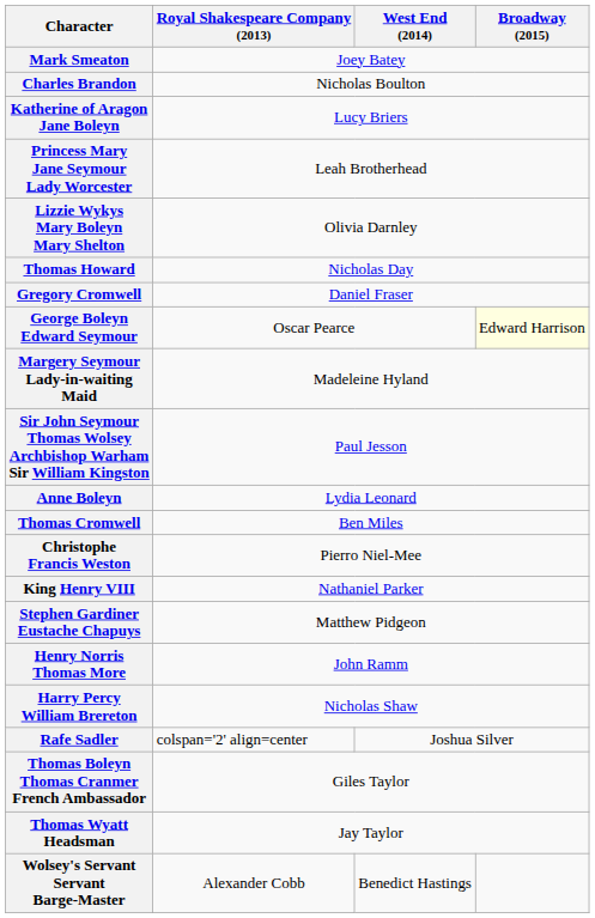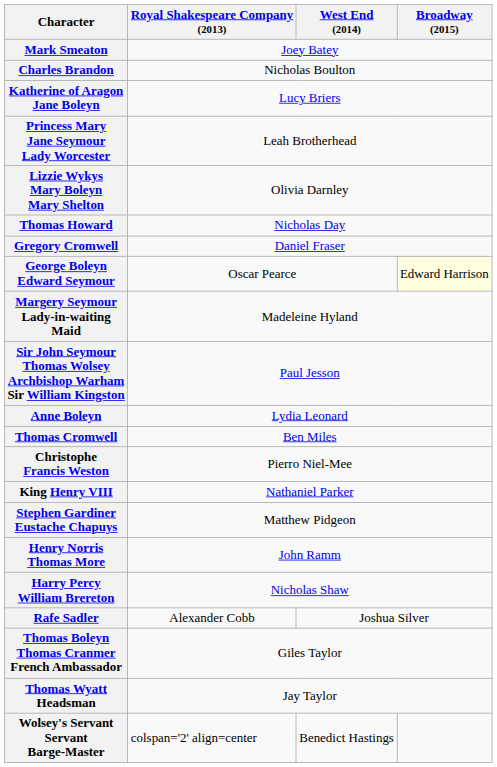 <table class="wikitable" style="width:1000;">
 <tr>
 <th>Character</th>
 <th><a href='#'>Royal Shakespeare Company</a><br><small>(2013)</small></th>
 <th><a href='#'>West End</a><br><small>(2014)</small></th>
 <th><a href='#'>Broadway</a><br><small>(2015)</small></th>
 </tr>
 <tr>
 <th><a href='#'>Mark Smeaton</a></th>
 <td colspan='3' align=center><a href='#'>Joey Batey</a></td>
 </tr>
 <tr>
 <th><a href='#'>Charles Brandon</a></th>
 <td colspan='3' align=center>Nicholas Boulton</td>
 </tr>
 <tr>
 <th><a href='#'>Katherine of Aragon</a><br><a href='#'>Jane Boleyn</a></th>
 <td colspan='3' align=center><a href='#'>Lucy Briers</a></td>
 </tr>
 <tr>
 <th><a href='#'>Princess Mary</a><br><a href='#'>Jane Seymour</a><br><a href='#'>Lady Worcester</a></th>
 <td colspan='3' align=center>Leah Brotherhead</td>
 </tr>
 <tr>
 <th><a href='#'>Lizzie Wykys</a><br><a href='#'>Mary Boleyn</a><br><a href='#'>Mary Shelton</a></th>
 <td colspan='3' align=center>Olivia Darnley</td>
 </tr>
 <tr>
 <th><a href='#'>Thomas Howard</a></th>
 <td colspan='3' align=center><a href='#'>Nicholas Day</a></td>
 </tr>
 <tr>
 <th><a href='#'>Gregory Cromwell</a></th>
 <td colspan='3' align=center><a href='#'>Daniel Fraser</a></td>
 </tr>
 <tr>
 <th><a href='#'>George Boleyn</a><br><a href='#'>Edward Seymour</a></th>
 <td colspan='2' align=center>Oscar Pearce</td>
 <td colspan='1' align=center style="background: lightyellow;">Edward Harrison</td>
 </tr>
 <tr>
 <th><a href='#'>Margery Seymour</a><br>Lady-in-waiting<br>Maid</th>
 <td colspan='3' align=center>Madeleine Hyland</td>
 </tr>
 <tr>
 <th><a href='#'>Sir John Seymour</a><br><a href='#'>Thomas Wolsey</a><br><a href='#'>Archbishop Warham</a><br>Sir <a href='#'>William Kingston</a></th>
 <td colspan='3' align=center><a href='#'>Paul Jesson</a></td>
 </tr>
 <tr>
 <th><a href='#'>Anne Boleyn</a></th>
 <td colspan='3' align=center><a href='#'>Lydia Leonard</a></td>
 </tr>
 <tr>
 <th><a href='#'>Thomas Cromwell</a></th>
 <td colspan='3' align=center><a href='#'>Ben Miles</a></td>
 </tr>
 <tr>
 <th>Christophe<br><a href='#'>Francis Weston</a></th>
 <td colspan='3' align=center>Pierro Niel-Mee</td>
 </tr>
 <tr>
 <th>King <a href='#'>Henry VIII</a></th>
 <td colspan='3' align=center><a href='#'>Nathaniel Parker</a></td>
 </tr>
 <tr>
 <th><a href='#'>Stephen Gardiner</a><br><a href='#'>Eustache Chapuys</a></th>
 <td colspan='3' align=center>Matthew Pidgeon</td>
 </tr>
 <tr>
 <th><a href='#'>Henry Norris</a><br><a href='#'>Thomas More</a></th>
 <td colspan='3' align=center><a href='#'>John Ramm</a></td>
 </tr>
 <tr>
 <th><a href='#'>Harry Percy</a><br><a href='#'>William Brereton</a></th>
 <td colspan='3' align=center><a href='#'>Nicholas Shaw</a></td>
 </tr>
 <tr>
 <th><a href='#'>Rafe Sadler</a></th>
-<td>colspan='2' align=center </td>
+<td colspan='1' align=center>Alexander Cobb</td>
 <td colspan='2' align=center>Joshua Silver</td>
 </tr>
 <tr>
 <th><a href='#'>Thomas Boleyn</a><br><a href='#'>Thomas Cranmer</a><br>French Ambassador</th>
 <td colspan='3' align=center>Giles Taylor</td>
 </tr>
 <tr>
 <th><a href='#'>Thomas Wyatt</a><br>Headsman</th>
 <td colspan='3' align=center>Jay Taylor</td>
 </tr>
 <tr>
 <th>Wolsey's Servant<br>Servant<br>Barge-Master</th>
-<td colspan='1' align=center>Alexander Cobb</td>
+<td>colspan='2' align=center </td>
 <td colspan='1' align=center>Benedict Hastings</td>
 </tr>
 </table>
